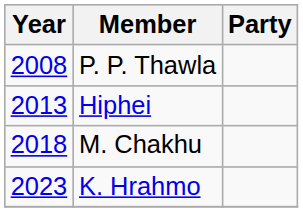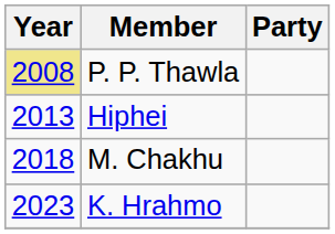 <table class="wikitable sortable">
 <tr>
 <th>Year</th>
 <th>Member</th>
 <th colspan="2">Party</th>
 </tr>
 <tr>
-<td><a href='#'>2008</a></td>
+<td style="background: khaki;"><a href='#'>2008</a></td>
 <td>P. P. Thawla</td>
 <td></td>
 </tr>
 <tr>
 <td><a href='#'>2013</a></td>
 <td><a href='#'>Hiphei</a></td>
 <td></td>
 </tr>
 <tr>
 <td><a href='#'>2018</a></td>
 <td>M. Chakhu</td>
 <td></td>
 </tr>
 <tr>
 <td><a href='#'>2023</a></td>
 <td><a href='#'>K. Hrahmo</a></td>
 <td></td>
 </tr>
 <tr>
 </tr>
 </table>
